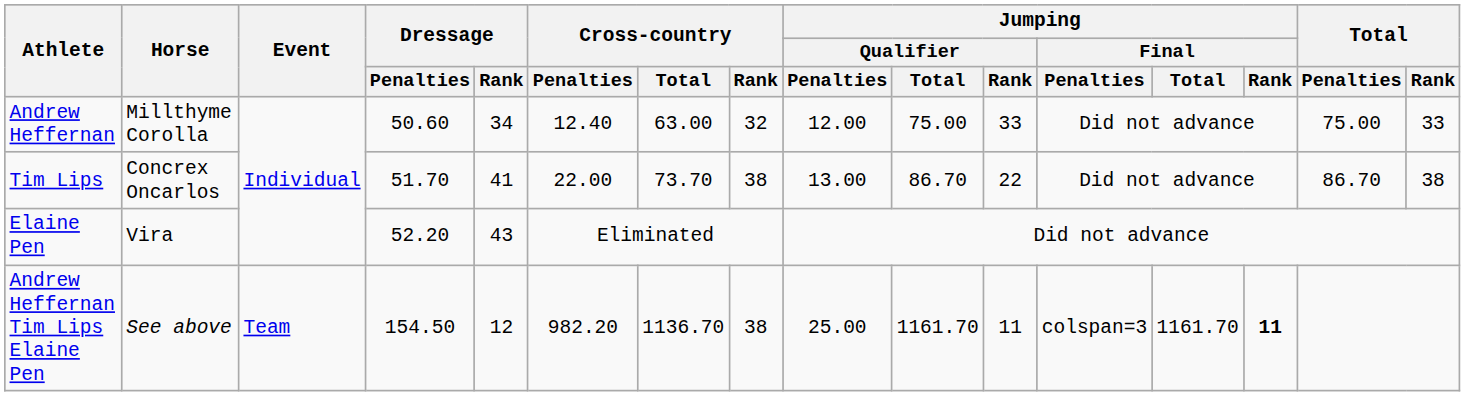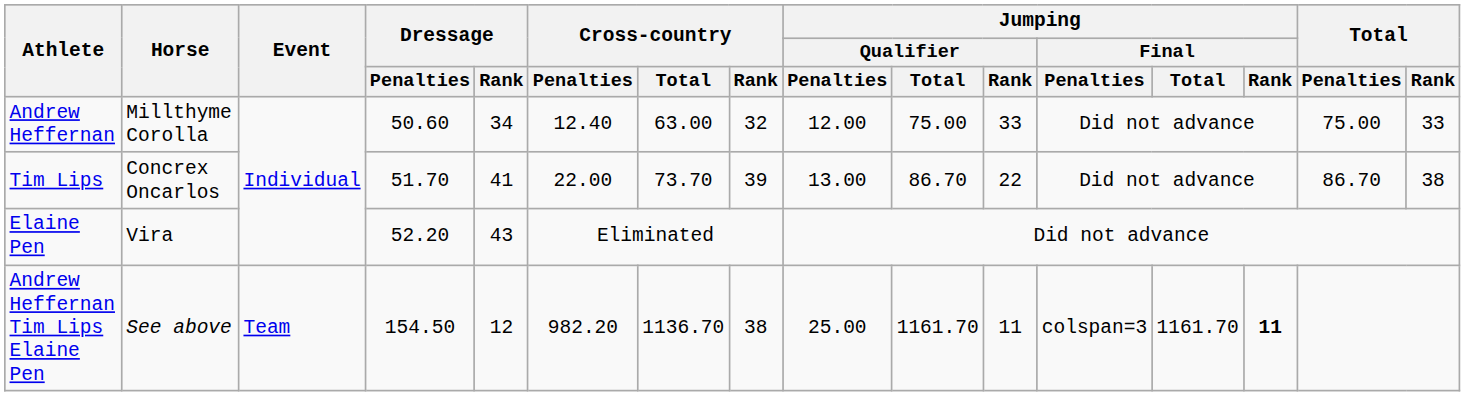 <table class=wikitable style="font-size:90%">
 <tr>
 <th rowspan="3">Athlete</th>
 <th rowspan="3">Horse</th>
 <th rowspan="3">Event</th>
 <th colspan="2" rowspan="2">Dressage</th>
 <th colspan="3" rowspan="2">Cross-country</th>
 <th colspan="6">Jumping</th>
 <th colspan="2" rowspan="2">Total</th>
 </tr>
 <tr style="font-size:95%">
 <th colspan="3">Qualifier</th>
 <th colspan="3">Final</th>
 </tr>
 <tr style="font-size:95%">
 <th>Penalties</th>
 <th>Rank</th>
 <th>Penalties</th>
 <th>Total</th>
 <th>Rank</th>
 <th>Penalties</th>
 <th>Total</th>
 <th>Rank</th>
 <th>Penalties</th>
 <th>Total</th>
 <th>Rank</th>
 <th>Penalties</th>
 <th>Rank</th>
 </tr>
 <tr align=center>
 <td align=left><a href='#'>Andrew Heffernan</a></td>
 <td align=left>Millthyme Corolla</td>
 <td align=left rowspan=3><a href='#'>Individual</a></td>
 <td>50.60</td>
 <td>34</td>
 <td>12.40</td>
 <td>63.00</td>
 <td>32</td>
 <td>12.00</td>
 <td>75.00</td>
 <td>33</td>
 <td colspan=3>Did not advance</td>
 <td>75.00</td>
 <td>33</td>
 </tr>
 <tr align=center>
 <td align=left><a href='#'>Tim Lips</a></td>
 <td align=left>Concrex Oncarlos</td>
 <td>51.70</td>
 <td>41</td>
 <td>22.00</td>
 <td>73.70</td>
-<td>38</td>
+<td>39</td>
 <td>13.00</td>
 <td>86.70</td>
 <td>22</td>
 <td colspan=3>Did not advance</td>
 <td>86.70</td>
 <td>38</td>
 </tr>
 <tr align=center>
 <td align=left><a href='#'>Elaine Pen</a></td>
 <td align=left>Vira</td>
 <td>52.20</td>
 <td>43</td>
 <td colspan=3>Eliminated</td>
 <td colspan=8>Did not advance</td>
 </tr>
 <tr align=center>
 <td align=left><a href='#'>Andrew Heffernan</a><br><a href='#'>Tim Lips</a><br><a href='#'>Elaine Pen</a></td>
 <td align=left><em>See above</em></td>
 <td align=left><a href='#'>Team</a></td>
 <td>154.50</td>
 <td>12</td>
 <td>982.20</td>
 <td>1136.70</td>
 <td>38</td>
 <td>25.00</td>
 <td>1161.70</td>
 <td>11</td>
 <td>colspan=3 </td>
 <td>1161.70</td>
 <td><strong>11</strong></td>
 </tr>
 </table>
